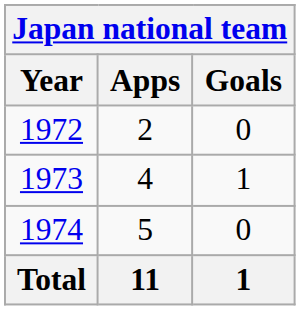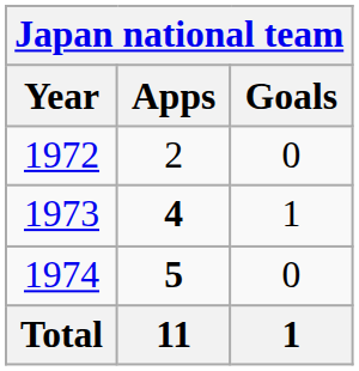 <table class="wikitable" style="text-align:center">
 <tr>
 <th colspan=3><a href='#'>Japan national team</a></th>
 </tr>
 <tr>
 <th>Year</th>
 <th>Apps</th>
 <th>Goals</th>
 </tr>
 <tr>
 <td><a href='#'>1972</a></td>
 <td>2</td>
 <td>0</td>
 </tr>
 <tr>
 <td><a href='#'>1973</a></td>
-<td>4</td>
+<td><strong>4</strong></td>
 <td>1</td>
 </tr>
 <tr>
 <td><a href='#'>1974</a></td>
-<td>5</td>
+<td><strong>5</strong></td>
 <td>0</td>
 </tr>
 <tr>
 <th>Total</th>
 <th>11</th>
 <th>1</th>
 </tr>
 </table>
